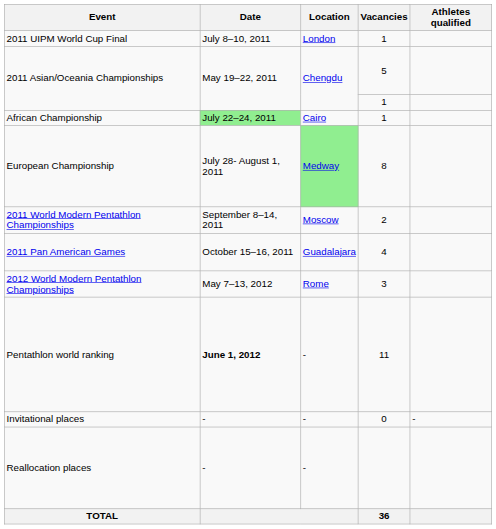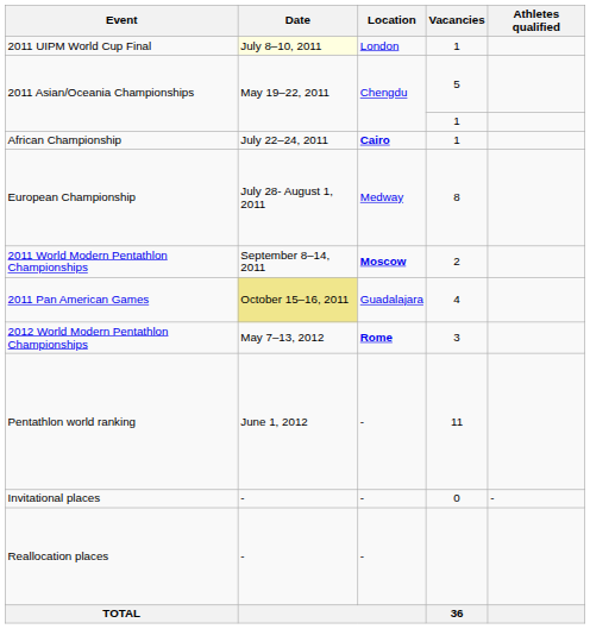 <table class=wikitable width=800>
 <tr>
 <th>Event</th>
 <th>Date</th>
 <th>Location</th>
 <th>Vacancies</th>
 <th>Athletes qualified</th>
 </tr>
 <tr>
 <td>2011 UIPM World Cup Final</td>
-<td>July 8–10, 2011</td>
+<td style="background: lightyellow;">July 8–10, 2011</td>
 <td> <a href='#'>London</a></td>
 <td align="center">1</td>
 <td></td>
 </tr>
 <tr>
 <td rowspan="2">2011 Asian/Oceania Championships</td>
 <td rowspan="2">May 19–22, 2011</td>
 <td rowspan="2"> <a href='#'>Chengdu</a></td>
 <td align="center">5</td>
 <td><br><br><br><br></td>
 </tr>
 <tr>
 <td align="center">1</td>
 <td></td>
 </tr>
 <tr>
 <td>African Championship</td>
-<td style="background: lightgreen;">July 22–24, 2011</td>
-<td> <a href='#'>Cairo</a></td>
+<td>July 22–24, 2011</td>
+<td><strong> <a href='#'>Cairo</a></strong></td>
 <td align="center">1</td>
 <td></td>
 </tr>
 <tr>
 <td>European Championship</td>
 <td>July 28- August 1, 2011</td>
-<td style="background: lightgreen;"> <a href='#'>Medway</a></td>
+<td> <a href='#'>Medway</a></td>
 <td align="center">8</td>
 <td><br> <br><br><br><br><br><br></td>
 </tr>
 <tr>
 <td><a href='#'>2011 World Modern Pentathlon Championships</a></td>
 <td>September 8–14, 2011</td>
-<td> <a href='#'>Moscow</a></td>
+<td><strong> <a href='#'>Moscow</a></strong></td>
 <td align="center">2</td>
 <td><br></td>
 </tr>
 <tr>
 <td><a href='#'>2011 Pan American Games</a></td>
-<td>October 15–16, 2011</td>
+<td style="background: khaki;">October 15–16, 2011</td>
 <td> <a href='#'>Guadalajara</a></td>
 <td align="center">4</td>
 <td><br><br><br></td>
 </tr>
 <tr>
 <td><a href='#'>2012 World Modern Pentathlon Championships</a></td>
 <td>May 7–13, 2012</td>
-<td> <a href='#'>Rome</a></td>
+<td><strong> <a href='#'>Rome</a></strong></td>
 <td align="center">3</td>
 <td><br><br></td>
 </tr>
 <tr>
 <td>Pentathlon world ranking</td>
-<td><strong>June 1, 2012</strong></td>
+<td>June 1, 2012</td>
 <td>-</td>
 <td align="center">11</td>
 <td><br><br><br><br><br><br><br><br><br><br></td>
 </tr>
 <tr>
 <td>Invitational places</td>
 <td>-</td>
 <td>-</td>
 <td align="center">0</td>
 <td>-</td>
 </tr>
 <tr>
 <td>Reallocation places</td>
 <td>-</td>
 <td>-</td>
 <td align="center"></td>
 <td><br><br><br><br><br><br><br></td>
 </tr>
 <tr>
 <th>TOTAL</th>
 <th colspan="2"></th>
 <th>36</th>
 <th></th>
 </tr>
 </table>
